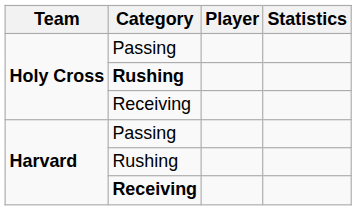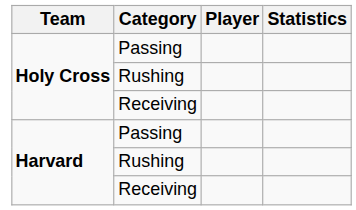 <table class="wikitable" style="float: right;">
 <tr>
 <th>Team</th>
 <th>Category</th>
 <th>Player</th>
 <th>Statistics</th>
 </tr>
 <tr>
 <td rowspan=3><strong>Holy Cross</strong></td>
 <td>Passing</td>
 <td></td>
 <td></td>
 </tr>
 <tr>
-<td><strong>Rushing</strong></td>
+<td>Rushing</td>
 <td></td>
 <td></td>
 </tr>
 <tr>
 <td>Receiving</td>
 <td></td>
 <td></td>
 </tr>
 <tr>
 <td rowspan=3><strong>Harvard</strong></td>
 <td>Passing</td>
 <td></td>
 <td></td>
 </tr>
 <tr>
 <td>Rushing</td>
 <td></td>
 <td></td>
 </tr>
 <tr>
-<td><strong>Receiving</strong></td>
+<td>Receiving</td>
 <td></td>
 <td></td>
 </tr>
 </table>
